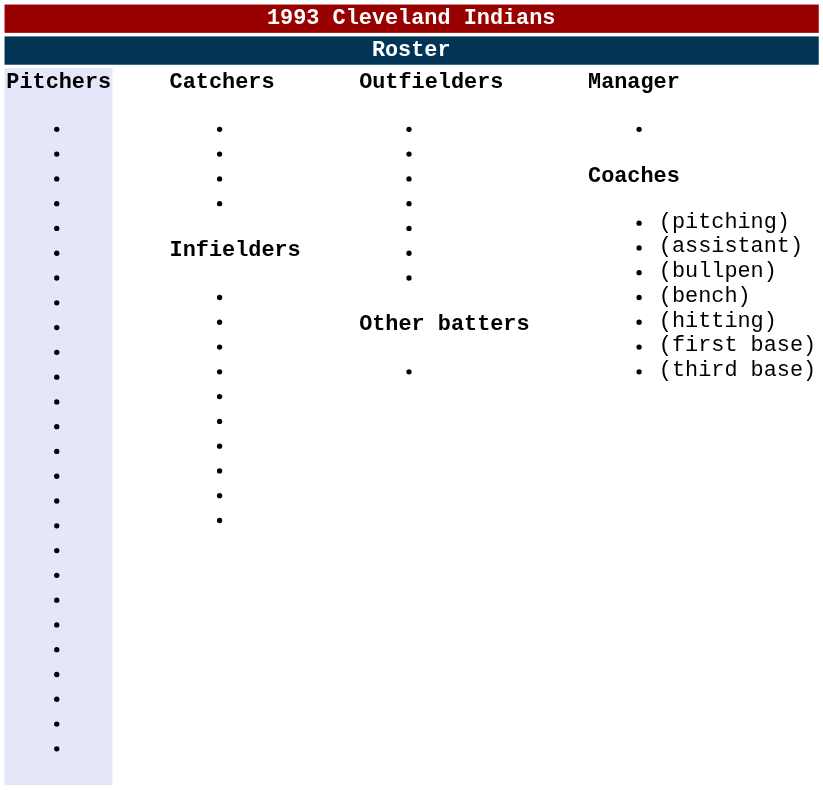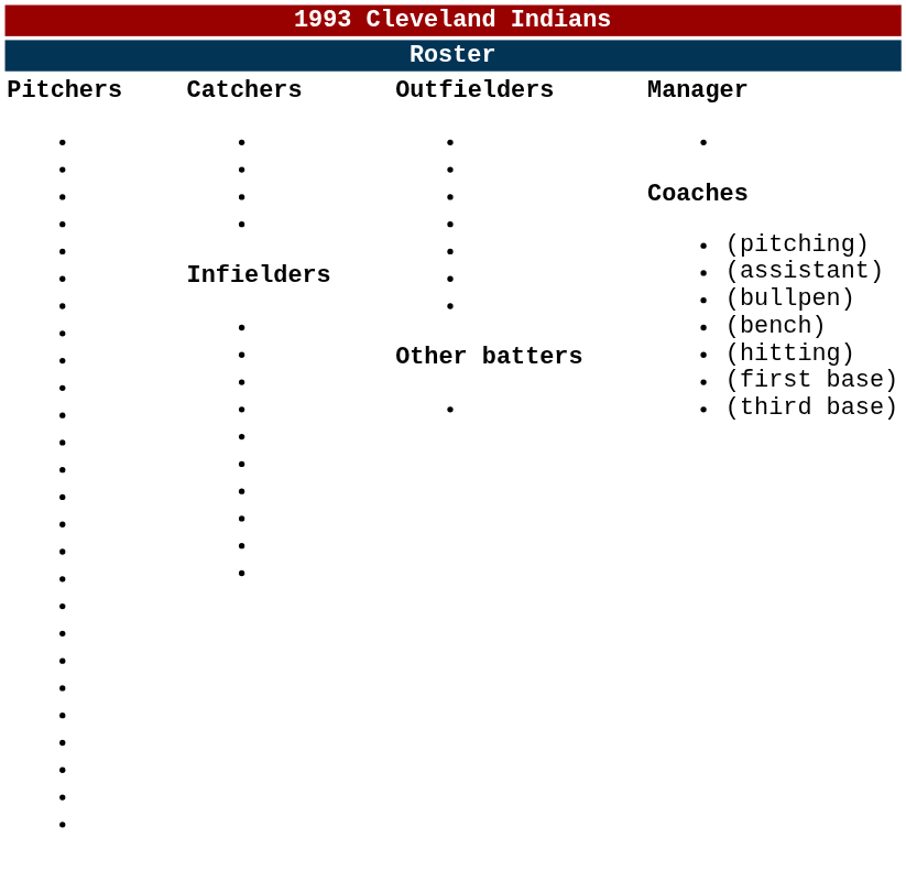 <table class="toccolours" style="font-size: 95%;">
 <tr>
 <th colspan="10" style="background-color: #990000; color: white; text-align: center;">1993 Cleveland Indians</th>
 </tr>
 <tr>
 <td colspan="10" style="background-color: #023456; color: #FFFFFF; text-align: center;"><strong>Roster</strong></td>
 </tr>
 <tr>
-<td valign="top" style="background: lavender;"><strong>Pitchers</strong><br><ul><li></li><li></li><li></li><li></li><li></li><li></li><li></li><li></li><li></li><li></li><li></li><li></li><li></li><li></li><li></li><li></li><li></li><li></li><li></li><li></li><li></li><li></li><li></li><li></li><li></li><li></li></ul></td>
+<td valign="top"><strong>Pitchers</strong><br><ul><li></li><li></li><li></li><li></li><li></li><li></li><li></li><li></li><li></li><li></li><li></li><li></li><li></li><li></li><li></li><li></li><li></li><li></li><li></li><li></li><li></li><li></li><li></li><li></li><li></li><li></li></ul></td>
 <td width="25px"></td>
 <td valign="top"><strong>Catchers</strong><br><ul><li></li><li></li><li></li><li></li></ul><strong>Infielders</strong><ul><li></li><li></li><li></li><li></li><li></li><li></li><li></li><li></li><li></li><li></li></ul></td>
 <td width="25px"></td>
 <td valign="top"><strong>Outfielders</strong><br><ul><li></li><li></li><li></li><li></li><li></li><li></li><li></li></ul><strong>Other batters</strong><ul><li></li></ul></td>
 <td width="25px"></td>
 <td valign="top"><strong>Manager</strong><br><ul><li></li></ul><strong>Coaches</strong><ul><li> (pitching)</li><li> (assistant)</li><li> (bullpen)</li><li> (bench)</li><li> (hitting)</li><li> (first base)</li><li> (third base)</li></ul></td>
 </tr>
 </table>
